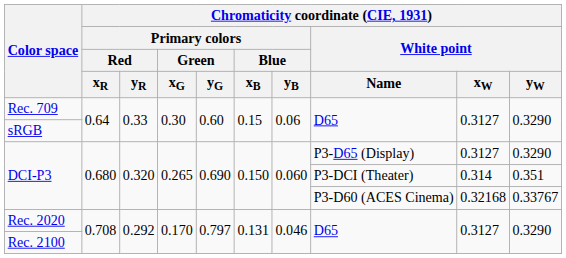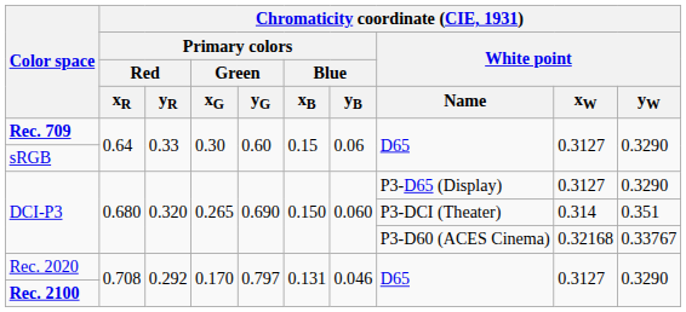 <table class="wikitable mw-collapsible mw-collapsed">
 <tr>
 <th rowspan="4"><a href='#'>Color space</a></th>
 <th colspan="9"><a href='#'>Chromaticity</a> coordinate (<a href='#'>CIE, 1931</a>)</th>
 </tr>
 <tr>
 <th colspan="6">Primary colors</th>
 <th colspan="3" rowspan="2"><a href='#'>White point</a></th>
 </tr>
 <tr>
 <th colspan="2">Red</th>
 <th colspan="2">Green</th>
 <th colspan="2">Blue</th>
 </tr>
 <tr>
 <th>x<sub>R</sub></th>
 <th>y<sub>R</sub></th>
 <th>x<sub>G</sub></th>
 <th>y<sub>G</sub></th>
 <th>x<sub>B</sub></th>
 <th>y<sub>B</sub></th>
 <th>Name</th>
 <th>x<sub>W</sub></th>
 <th>y<sub>W</sub></th>
 </tr>
 <tr>
-<td><a href='#'>Rec. 709</a></td>
+<td><strong><a href='#'>Rec. 709</a></strong></td>
 <td rowspan="2">0.64</td>
 <td rowspan="2">0.33</td>
 <td rowspan="2">0.30</td>
 <td rowspan="2">0.60</td>
 <td rowspan="2">0.15</td>
 <td rowspan="2">0.06</td>
 <td rowspan="2"><a href='#'>D65</a></td>
 <td rowspan="2">0.3127</td>
 <td rowspan="2">0.3290</td>
 </tr>
 <tr>
 <td><a href='#'>sRGB</a></td>
 </tr>
 <tr>
 <td rowspan="3"><a href='#'>DCI-P3</a></td>
 <td rowspan="3">0.680</td>
 <td rowspan="3">0.320</td>
 <td rowspan="3">0.265</td>
 <td rowspan="3">0.690</td>
 <td rowspan="3">0.150</td>
 <td rowspan="3">0.060</td>
 <td>P3-<a href='#'>D65</a> (Display)</td>
 <td>0.3127</td>
 <td>0.3290</td>
 </tr>
 <tr>
 <td>P3-DCI (Theater)</td>
 <td>0.314</td>
 <td>0.351</td>
 </tr>
 <tr>
 <td>P3-D60 (ACES Cinema)</td>
 <td>0.32168</td>
 <td>0.33767</td>
 </tr>
 <tr>
 <td><a href='#'>Rec. 2020</a></td>
 <td rowspan="2">0.708</td>
 <td rowspan="2">0.292</td>
 <td rowspan="2">0.170</td>
 <td rowspan="2">0.797</td>
 <td rowspan="2">0.131</td>
 <td rowspan="2">0.046</td>
 <td rowspan="2"><a href='#'>D65</a></td>
 <td rowspan="2">0.3127</td>
 <td rowspan="2">0.3290</td>
 </tr>
 <tr>
-<td><a href='#'>Rec. 2100</a></td>
+<td><strong><a href='#'>Rec. 2100</a></strong></td>
 </tr>
 </table>
